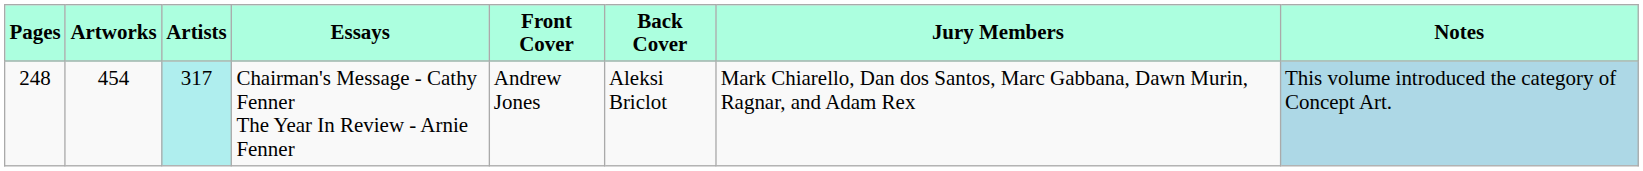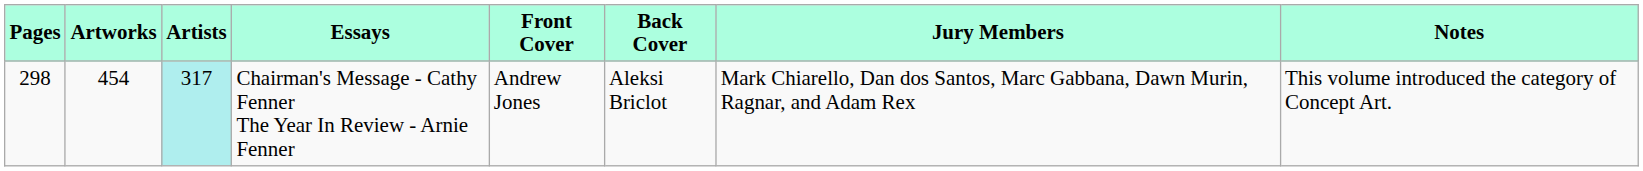 <table class="wikitable">
 <tr>
 <th style="background:#acffdf">Pages</th>
 <th style="background:#acffdf">Artworks</th>
 <th style="background:#acffdf">Artists</th>
 <th style="background:#acffdf">Essays</th>
 <th style="background:#acffdf">Front Cover</th>
 <th style="background:#acffdf">Back Cover</th>
 <th style="background:#acffdf">Jury Members</th>
 <th style="background:#acffdf">Notes</th>
 </tr>
 <tr valign="top">
-<td align="center">248</td>
+<td align="center">298</td>
 <td align="center">454</td>
 <td align="center" style="background: paleturquoise;">317</td>
 <td>Chairman's Message - Cathy Fenner<br>The Year In Review - Arnie Fenner</td>
 <td>Andrew Jones</td>
 <td>Aleksi Briclot</td>
 <td>Mark Chiarello, Dan dos Santos, Marc Gabbana, Dawn Murin, Ragnar, and Adam Rex</td>
-<td style="background: lightblue;">This volume introduced the category of Concept Art.</td>
+<td>This volume introduced the category of Concept Art.</td>
 </tr>
 </table>
